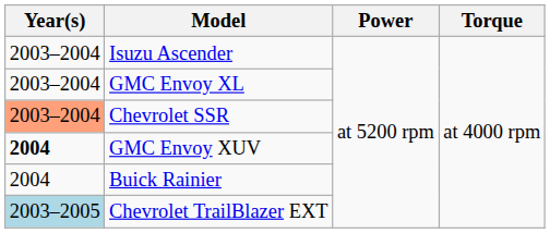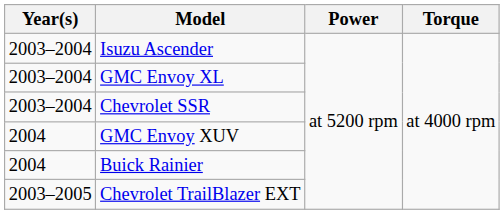 <table class="wikitable">
 <tr>
 <th scope="col">Year(s)</th>
 <th scope="col">Model</th>
 <th scope="col">Power</th>
 <th scope="col">Torque</th>
 </tr>
 <tr>
 <td>2003–2004</td>
 <td><a href='#'>Isuzu Ascender</a></td>
 <td rowspan="6"> at 5200 rpm</td>
 <td rowspan="6"> at 4000 rpm</td>
 </tr>
 <tr>
 <td>2003–2004</td>
 <td><a href='#'>GMC Envoy XL</a></td>
 </tr>
 <tr>
-<td style="background: lightsalmon;">2003–2004</td>
+<td>2003–2004</td>
 <td><a href='#'>Chevrolet SSR</a></td>
 </tr>
 <tr>
-<td><strong>2004</strong></td>
+<td>2004</td>
 <td><a href='#'>GMC Envoy</a> XUV</td>
 </tr>
 <tr>
 <td>2004</td>
 <td><a href='#'>Buick Rainier</a></td>
 </tr>
 <tr>
-<td style="background: lightblue;">2003–2005</td>
+<td>2003–2005</td>
 <td><a href='#'>Chevrolet TrailBlazer</a> EXT</td>
 </tr>
 </table>
